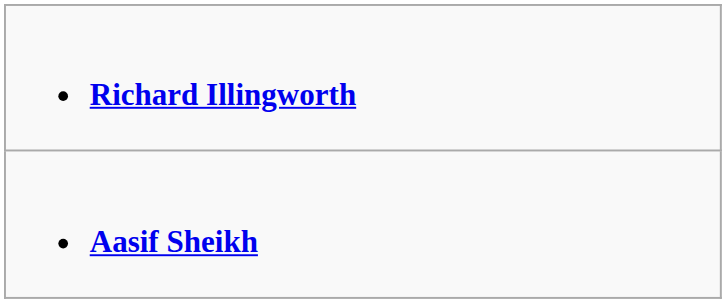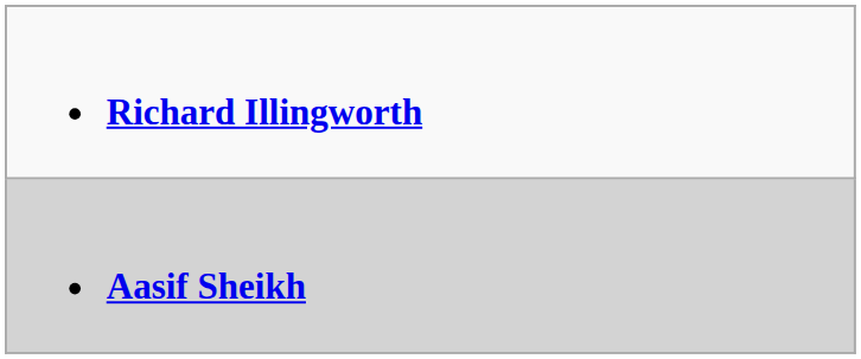 <table class="wikitable">
 <tr>
 <td valign="top" width="50%"><br><ul><li><strong> <a href='#'>Richard Illingworth</a></strong></li></ul></td>
 </tr>
 <tr>
-<td valign="top" width="50%"><br><ul><li><strong> <a href='#'>Aasif Sheikh</a></strong></li></ul></td>
+<td valign="top" width="50%" style="background: lightgrey;"><br><ul><li><strong> <a href='#'>Aasif Sheikh</a></strong></li></ul></td>
 </tr>
 </table>
